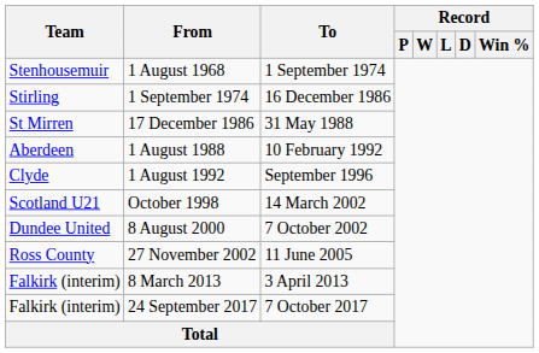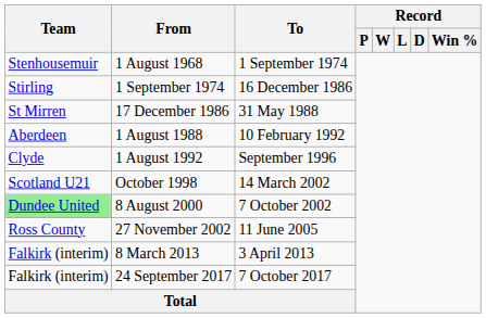 <table class="wikitable" style="text-align: center;">
 <tr>
 <th rowspan="2">Team</th>
 <th rowspan="2">From</th>
 <th rowspan="2">To</th>
 <th colspan="5">Record</th>
 </tr>
 <tr>
 <th>P</th>
 <th>W</th>
 <th>L</th>
 <th>D</th>
 <th>Win %</th>
 </tr>
 <tr>
 <td align=left><a href='#'>Stenhousemuir</a></td>
 <td align=left>1 August 1968</td>
 <td align=left>1 September 1974<br></td>
 </tr>
 <tr>
 <td align=left><a href='#'>Stirling</a></td>
 <td align=left>1 September 1974</td>
 <td align=left>16 December 1986<br></td>
 </tr>
 <tr>
 <td align=left><a href='#'>St Mirren</a></td>
 <td align=left>17 December 1986</td>
 <td align=left>31 May 1988<br></td>
 </tr>
 <tr>
 <td align=left><a href='#'>Aberdeen</a></td>
 <td align=left>1 August 1988</td>
 <td align=left>10 February 1992<br></td>
 </tr>
 <tr>
 <td align=left><a href='#'>Clyde</a></td>
 <td align=left>1 August 1992</td>
 <td align=left>September 1996<br></td>
 </tr>
 <tr>
 <td align=left><a href='#'>Scotland U21</a></td>
 <td align=left>October 1998</td>
 <td align=left>14 March 2002<br></td>
 </tr>
 <tr>
-<td align=left><a href='#'>Dundee United</a></td>
+<td align=left style="background: lightgreen;"><a href='#'>Dundee United</a></td>
 <td align=left>8 August 2000</td>
 <td align=left>7 October 2002<br></td>
 </tr>
 <tr>
 <td align=left><a href='#'>Ross County</a></td>
 <td align=left>27 November 2002</td>
 <td align=left>11 June 2005<br></td>
 </tr>
 <tr>
 <td align=left><a href='#'>Falkirk</a> (interim)</td>
 <td align=left>8 March 2013</td>
 <td align=left>3 April 2013<br></td>
 </tr>
 <tr>
 <td align=left>Falkirk (interim)</td>
 <td align=left>24 September 2017</td>
 <td align=left>7 October 2017<br></td>
 </tr>
 <tr>
 <th colspan=3>Total<br></th>
 </tr>
 </table>
